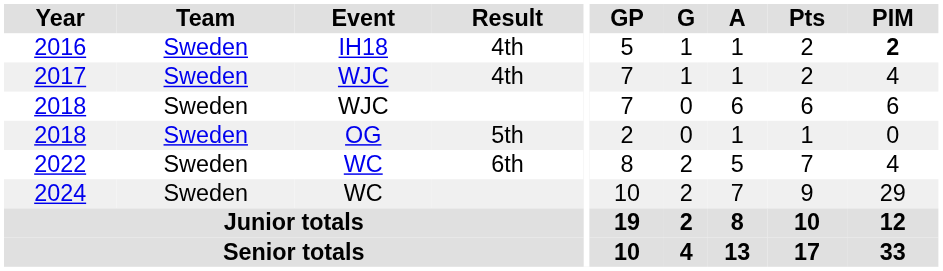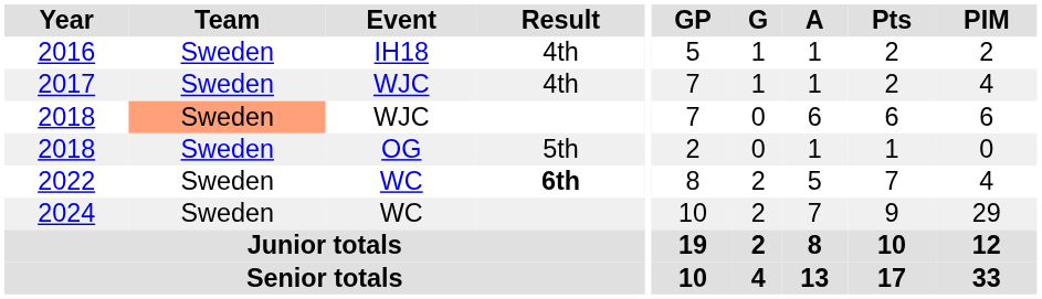 <table border="0" cellpadding="1" cellspacing="0" ID="Table3" style="text-align:center; width:40em;">
 <tr bgcolor="#e0e0e0">
 <th>Year</th>
 <th>Team</th>
 <th>Event</th>
 <th>Result</th>
 <th rowspan="99" bgcolor="#ffffff"></th>
 <th>GP</th>
 <th>G</th>
 <th>A</th>
 <th>Pts</th>
 <th>PIM</th>
 </tr>
 <tr>
 <td><a href='#'>2016</a></td>
 <td><a href='#'>Sweden</a></td>
 <td><a href='#'>IH18</a></td>
 <td>4th</td>
 <td>5</td>
 <td>1</td>
 <td>1</td>
 <td>2</td>
-<td><strong>2</strong></td>
+<td>2</td>
 </tr>
 <tr bgcolor="#f0f0f0">
 <td><a href='#'>2017</a></td>
 <td><a href='#'>Sweden</a></td>
 <td><a href='#'>WJC</a></td>
 <td>4th</td>
 <td>7</td>
 <td>1</td>
 <td>1</td>
 <td>2</td>
 <td>4</td>
 </tr>
 <tr>
 <td><a href='#'>2018</a></td>
-<td>Sweden</td>
+<td style="background: lightsalmon;">Sweden</td>
 <td>WJC</td>
 <td></td>
 <td>7</td>
 <td>0</td>
 <td>6</td>
 <td>6</td>
 <td>6</td>
 </tr>
 <tr bgcolor="#f0f0f0">
 <td><a href='#'>2018</a></td>
 <td><a href='#'>Sweden</a></td>
 <td><a href='#'>OG</a></td>
 <td>5th</td>
 <td>2</td>
 <td>0</td>
 <td>1</td>
 <td>1</td>
 <td>0</td>
 </tr>
 <tr>
 <td><a href='#'>2022</a></td>
 <td>Sweden</td>
 <td><a href='#'>WC</a></td>
-<td>6th</td>
+<td><strong>6th</strong></td>
 <td>8</td>
 <td>2</td>
 <td>5</td>
 <td>7</td>
 <td>4</td>
 </tr>
 <tr bgcolor="#f0f0f0">
 <td><a href='#'>2024</a></td>
 <td>Sweden</td>
 <td>WC</td>
 <td></td>
 <td>10</td>
 <td>2</td>
 <td>7</td>
 <td>9</td>
 <td>29</td>
 </tr>
 <tr bgcolor="#e0e0e0">
 <th colspan="4">Junior totals</th>
 <th>19</th>
 <th>2</th>
 <th>8</th>
 <th>10</th>
 <th>12</th>
 </tr>
 <tr bgcolor="#e0e0e0">
 <th colspan="4">Senior totals</th>
 <th>10</th>
 <th>4</th>
 <th>13</th>
 <th>17</th>
 <th>33</th>
 </tr>
 </table>
